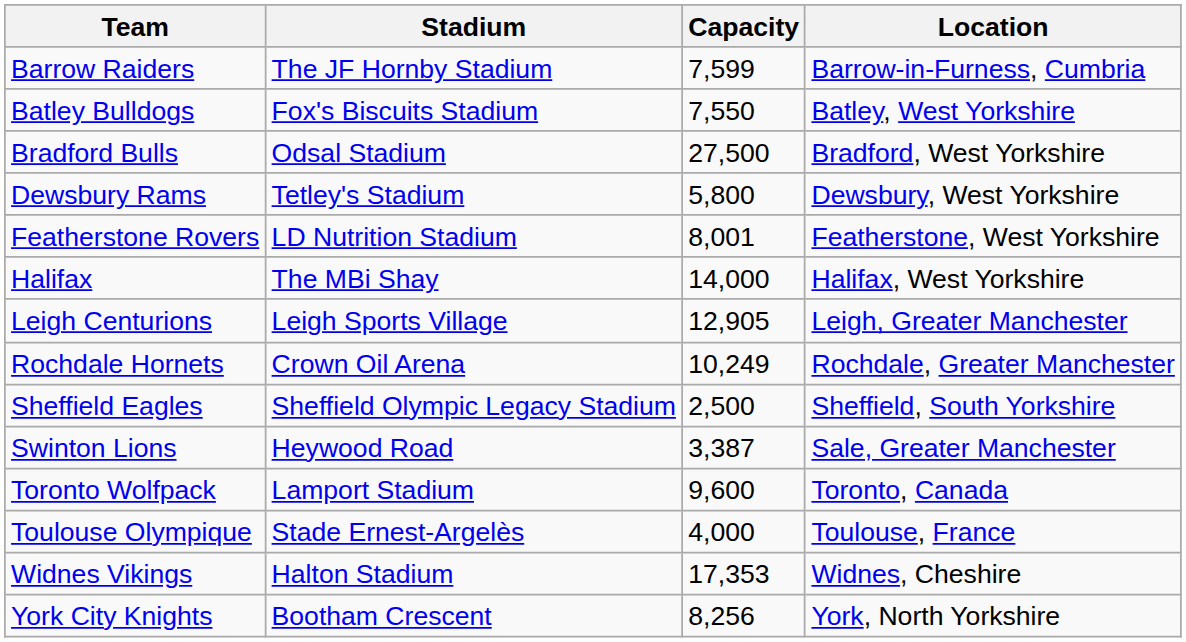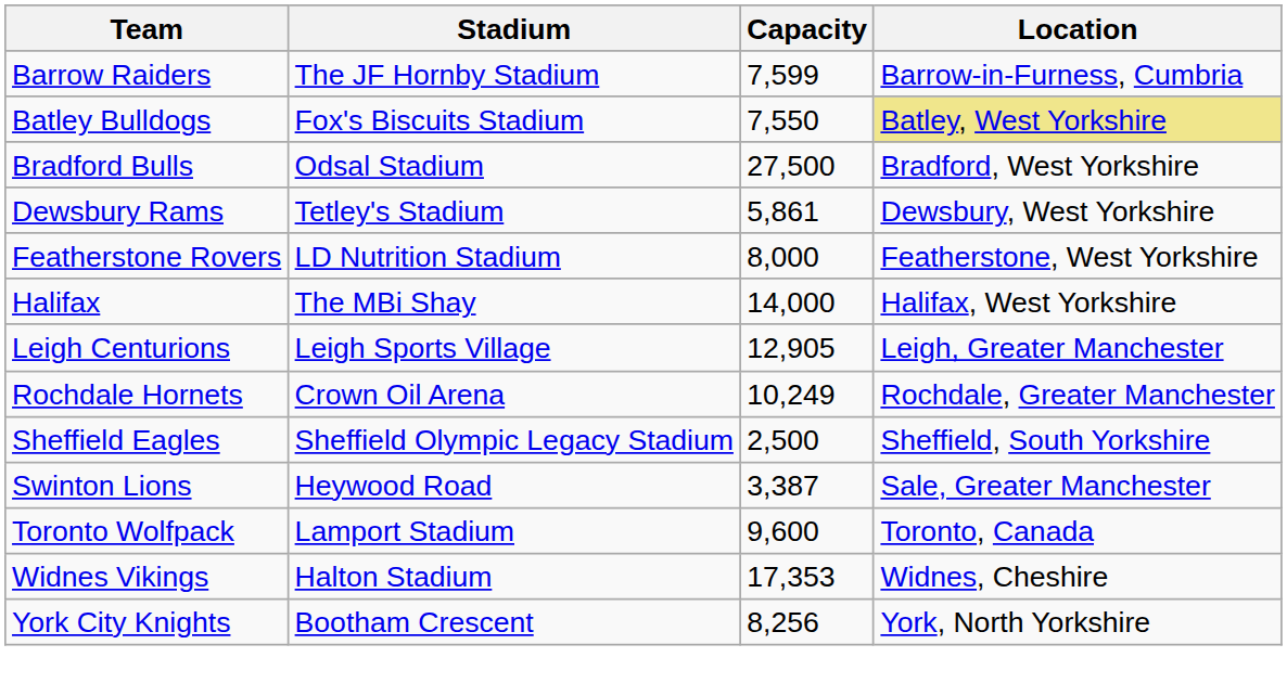 <table class="wikitable" style="font-size:95%;">
 <tr>
 <th>Team</th>
 <th>Stadium</th>
 <th>Capacity</th>
 <th>Location</th>
 </tr>
 <tr style="background:">
 <td> <a href='#'>Barrow Raiders</a></td>
 <td><a href='#'>The JF Hornby Stadium</a></td>
 <td>7,599</td>
 <td><a href='#'>Barrow-in-Furness</a>, <a href='#'>Cumbria</a></td>
 </tr>
 <tr>
 <td> <a href='#'>Batley Bulldogs</a></td>
 <td><a href='#'>Fox's Biscuits Stadium</a></td>
 <td>7,550</td>
-<td><a href='#'>Batley</a>, <a href='#'>West Yorkshire</a></td>
+<td style="background: khaki;"><a href='#'>Batley</a>, <a href='#'>West Yorkshire</a></td>
 </tr>
 <tr>
 <td> <a href='#'>Bradford Bulls</a></td>
 <td><a href='#'>Odsal Stadium</a></td>
 <td>27,500</td>
 <td><a href='#'>Bradford</a>, West Yorkshire</td>
 </tr>
 <tr>
 <td> <a href='#'>Dewsbury Rams</a></td>
 <td><a href='#'>Tetley's Stadium</a></td>
-<td>5,800</td>
+<td>5,861</td>
 <td><a href='#'>Dewsbury</a>, West Yorkshire</td>
 </tr>
 <tr>
 <td> <a href='#'>Featherstone Rovers</a></td>
 <td><a href='#'>LD Nutrition Stadium</a></td>
-<td>8,001</td>
+<td>8,000</td>
 <td><a href='#'>Featherstone</a>, West Yorkshire</td>
 </tr>
 <tr>
 <td> <a href='#'>Halifax</a></td>
 <td><a href='#'>The MBi Shay</a></td>
 <td>14,000</td>
 <td><a href='#'>Halifax</a>, West Yorkshire</td>
 </tr>
 <tr>
 <td> <a href='#'>Leigh Centurions</a></td>
 <td><a href='#'>Leigh Sports Village</a></td>
 <td>12,905</td>
 <td><a href='#'>Leigh, Greater Manchester</a></td>
 </tr>
 <tr>
 <td> <a href='#'>Rochdale Hornets</a></td>
 <td><a href='#'>Crown Oil Arena</a></td>
 <td>10,249</td>
 <td><a href='#'>Rochdale</a>, <a href='#'>Greater Manchester</a></td>
 </tr>
 <tr>
 <td> <a href='#'>Sheffield Eagles</a></td>
 <td><a href='#'>Sheffield Olympic Legacy Stadium</a></td>
 <td>2,500</td>
 <td><a href='#'>Sheffield</a>, <a href='#'>South Yorkshire</a></td>
 </tr>
 <tr>
 <td> <a href='#'>Swinton Lions</a></td>
 <td><a href='#'>Heywood Road</a></td>
 <td>3,387</td>
 <td><a href='#'>Sale, Greater Manchester</a></td>
 </tr>
 <tr>
 <td> <a href='#'>Toronto Wolfpack</a></td>
 <td><a href='#'>Lamport Stadium</a></td>
 <td>9,600</td>
 <td><a href='#'>Toronto</a>, <a href='#'>Canada</a></td>
 </tr>
 <tr>
-<td> <a href='#'>Toulouse Olympique</a></td>
-<td><a href='#'>Stade Ernest-Argelès</a></td>
-<td>4,000</td>
-<td><a href='#'>Toulouse</a>, <a href='#'>France</a></td>
-</tr>
-<tr>
 <td> <a href='#'>Widnes Vikings</a></td>
 <td><a href='#'>Halton Stadium</a></td>
 <td>17,353</td>
 <td><a href='#'>Widnes</a>, Cheshire</td>
 </tr>
 <tr>
 <td> <a href='#'>York City Knights</a></td>
 <td><a href='#'>Bootham Crescent</a></td>
 <td>8,256</td>
 <td><a href='#'>York</a>, North Yorkshire</td>
 </tr>
 </table>
